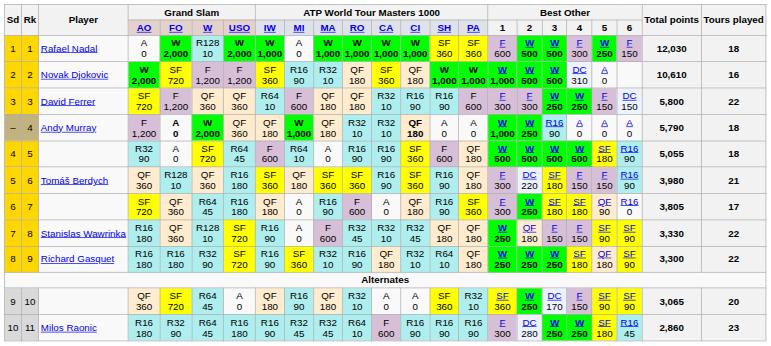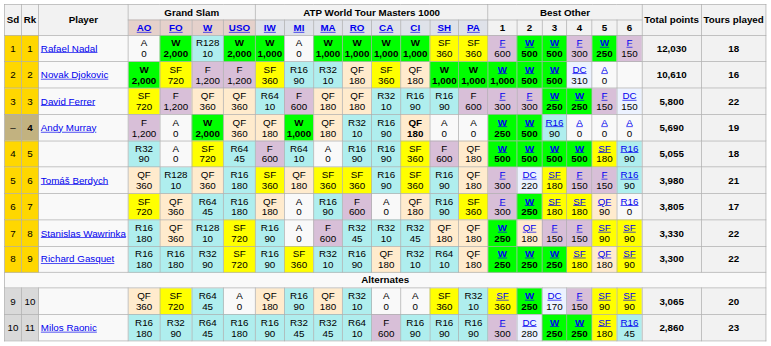 <table class=wikitable style=font-size:90%;text-align:center>
 <tr>
 <th rowspan=2>Sd</th>
 <th rowspan=2>Rk</th>
 <th rowspan="2">Player</th>
 <th colspan=4>Grand Slam</th>
 <th colspan=8>ATP World Tour Masters 1000</th>
 <th colspan=6>Best Other</th>
 <th rowspan=2>Total points</th>
 <th rowspan=2>Tours played</th>
 </tr>
 <tr>
 <td style="background:#e5d1cb; width:40px;"><strong><a href='#'>AO</a></strong></td>
 <td style="background:#e5d1cb; width:40px;"><strong><a href='#'>FO</a></strong></td>
 <td style="background:#e5d1cb; width:40px;"><strong><a href='#'>W</a></strong></td>
 <td style="background:#e5d1cb; width:40px;"><strong><a href='#'>USO</a></strong></td>
 <td style="background:#dfe2e9; width:35px;"><strong><a href='#'>IW</a></strong></td>
 <td style="background:#dfe2e9; width:35px;"><strong><a href='#'>MI</a></strong></td>
 <td style="background:#dfe2e9; width:35px;"><strong><a href='#'>MA</a></strong></td>
 <td style="background:#dfe2e9; width:35px;"><strong><a href='#'>RO</a></strong></td>
 <td style="background:#dfe2e9; width:35px;"><strong><a href='#'>CA</a></strong></td>
 <td style="background:#dfe2e9; width:35px;"><strong><a href='#'>CI</a></strong></td>
 <td style="background:#dfe2e9; width:35px;"><strong><a href='#'>SH</a></strong></td>
 <td style="background:#dfe2e9; width:35px;"><strong><a href='#'>PA</a></strong></td>
 <th width=30>1</th>
 <th width=30>2</th>
 <th width=30>3</th>
 <th width=30>4</th>
 <th width=30>5</th>
 <th width=30>6</th>
 </tr>
 <tr>
 <td bgcolor=gold>1</td>
 <td bgcolor=gold>1</td>
 <td style="text-align:left;"> <a href='#'>Rafael Nadal</a></td>
 <td> A<br>0</td>
 <td bgcolor=lime> <strong>W<br>2,000</strong></td>
 <td style="background:#afeeee;">R128<br>10</td>
 <td bgcolor=lime> <strong>W<br>2,000</strong></td>
 <td bgcolor=lime> <strong>W<br>1,000</strong></td>
 <td> A<br>0</td>
 <td bgcolor=lime> <strong>W<br>1,000</strong></td>
 <td bgcolor=lime> <strong>W<br>1,000</strong></td>
 <td bgcolor=lime> <strong>W<br>1,000</strong></td>
 <td bgcolor=lime> <strong>W<br>1,000</strong></td>
 <td style="background:yellow;"> SF<br>360</td>
 <td style="background:yellow;"> SF<br>360</td>
 <td style="background:thistle;"> <a href='#'>F</a><br>600</td>
 <td bgcolor=lime> <strong><a href='#'>W</a><br>500</strong></td>
 <td bgcolor=lime> <strong><a href='#'>W</a><br>500</strong></td>
 <td style="background:thistle;"> <a href='#'>F</a><br>300</td>
 <td bgcolor=lime> <strong><a href='#'>W</a><br>250</strong></td>
 <td style="background:thistle;"> <a href='#'>F</a><br>150</td>
 <th>12,030</th>
 <th>18</th>
 </tr>
 <tr>
 <td bgcolor=gold>2</td>
 <td bgcolor=gold>2</td>
 <td style="text-align:left;"> <a href='#'>Novak Djokovic</a></td>
 <td bgcolor=lime> <strong>W<br>2,000</strong></td>
 <td style="background:yellow;"> SF<br>720</td>
 <td style="background:thistle;"> F<br>1,200</td>
 <td style="background:thistle;"> F<br>1,200</td>
 <td style="background:yellow;"> SF<br>360</td>
 <td style="background:#afeeee;"> R16<br>90</td>
 <td style="background:#afeeee;"> R32<br>10</td>
 <td style="background:#ffebcd;"> QF<br>180</td>
 <td style="background:yellow;"> SF<br>360</td>
 <td style="background:#ffebcd;"> QF<br>180</td>
 <td bgcolor=lime> <strong>W<br>1,000</strong></td>
 <td bgcolor=lime> <strong>W<br>1,000</strong></td>
 <td bgcolor=lime><a href='#'><strong>W</strong></a><br><strong>1,000</strong></td>
 <td bgcolor=lime><strong><a href='#'>W</a><br>500</strong></td>
 <td bgcolor=lime><strong><a href='#'>W</a><br>500</strong></td>
 <td bgcolor=ECF2FF><a href='#'>DC</a><br>310</td>
 <td> <a href='#'>A</a><br>0</td>
 <td></td>
 <th>10,610</th>
 <th>16</th>
 </tr>
 <tr>
 <td bgcolor=gold>3</td>
 <td bgcolor=gold>3</td>
 <td style="text-align:left;"> <a href='#'>David Ferrer</a></td>
 <td style="background:yellow;"> SF<br>720</td>
 <td style="background:thistle;"> F<br>1,200</td>
 <td style="background:#ffebcd;">QF<br>360</td>
 <td style="background:#ffebcd;"> QF<br>360</td>
 <td style="background:#afeeee;"> R64<br>10</td>
 <td style="background:thistle;"> F<br>600</td>
 <td style="background:#ffebcd;"> QF<br>180</td>
 <td style="background:#ffebcd;"> QF<br>180</td>
 <td style="background:#afeeee;"> R32<br>10</td>
 <td style="background:#afeeee;"> R16<br>90</td>
 <td style="background:#afeeee;"> R16<br>90</td>
 <td style="background:thistle;"> F<br>600</td>
 <td style="background:thistle;"> <a href='#'>F</a><br>300</td>
 <td style="background:thistle;"> <a href='#'>F</a><br>300</td>
 <td bgcolor=lime> <strong><a href='#'>W</a><br>250</strong></td>
 <td bgcolor=lime> <strong><a href='#'>W</a><br>250</strong></td>
 <td style="background:thistle;"> <a href='#'>F</a><br>150</td>
 <td bgcolor=ECF2FF> <a href='#'>DC</a><br>150</td>
 <th>5,800</th>
 <th>22</th>
 </tr>
 <tr>
 <td style="background:#c2b280;">–</td>
-<td style="background:#c2b280;">4</td>
+<td style="background:#c2b280;"><strong>4</strong></td>
 <td style="text-align:left;"> <a href='#'>Andy Murray</a></td>
 <td style="background:thistle;"> F<br>1,200</td>
-<td><strong>A<br>0</strong></td>
+<td>A<br>0</td>
 <td bgcolor=lime> <strong>W<br>2,000</strong></td>
 <td style="background:#ffebcd;"> QF<br>360</td>
 <td style="background:#ffebcd;"> QF<br>180</td>
 <td bgcolor=lime> <strong>W<br>1,000</strong></td>
 <td style="background:#ffebcd;"> QF<br>180</td>
 <td style="background:#afeeee;"> R32<br>10</td>
-<td style="background:#afeeee;"> R32<br>10</td>
+<td style="background:#afeeee;"> R16<br>90</td>
 <td style="background:#ffebcd;"><strong> QF<br>180</strong></td>
 <td>A<br>0</td>
 <td>A<br>0</td>
-<td bgcolor=lime><a href='#'><strong>W</strong></a><br><strong>1,000</strong></td>
 <td bgcolor=lime> <strong><a href='#'>W</a><br>250</strong></td>
+<td bgcolor=lime> <strong><a href='#'>W</a><br>500</strong></td>
 <td style="background:#afeeee;"> <a href='#'>R16</a><br>90</td>
 <td> <a href='#'>A</a><br>0</td>
 <td> <a href='#'>A</a><br>0</td>
 <td> <a href='#'>A</a><br>0</td>
-<th>5,790</th>
-<th>18</th>
+<th>5,690</th>
+<th>19</th>
 </tr>
 <tr>
 <td bgcolor=gold>4</td>
 <td bgcolor=gold>5</td>
 <td style="text-align:left;"></td>
 <td style="background:#afeeee;"> R32<br>90</td>
 <td> A<br>0</td>
 <td style="background:yellow;"> SF<br>720</td>
 <td style="background:#afeeee;"> R64<br>45</td>
 <td style="background:thistle;"> F<br>600</td>
 <td style="background:#afeeee;"> R64<br>10</td>
 <td> A<br>0</td>
 <td style="background:#afeeee;"> R16<br>90</td>
 <td style="background:#afeeee;"> R16<br>90</td>
 <td style="background:yellow;"> SF<br>360</td>
 <td style="background:thistle;"> F<br>600</td>
 <td style="background:#ffebcd;"> QF<br>180</td>
 <td bgcolor=lime> <strong><a href='#'>W</a><br>500</strong></td>
 <td bgcolor=lime> <strong><a href='#'>W</a><br>500</strong></td>
 <td bgcolor=lime> <strong><a href='#'>W</a><br>500</strong></td>
 <td bgcolor=lime> <strong><a href='#'>W</a><br>500</strong></td>
 <td style="background:yellow;"> <a href='#'>SF</a><br>180</td>
 <td style="background:#afeeee;"> <a href='#'>R16</a><br>90</td>
 <th>5,055</th>
 <th>18</th>
 </tr>
 <tr>
 <td bgcolor=gold>5</td>
 <td bgcolor=gold>6</td>
 <td style="text-align:left;"> <a href='#'>Tomáš Berdych</a></td>
 <td style="background:#ffebcd;"> QF<br>360</td>
 <td style="background:#afeeee;"> R128<br>10</td>
 <td style="background:#ffebcd;"> QF<br>360</td>
 <td style="background:#afeeee;"> R16<br>180</td>
 <td style="background:yellow;"> SF<br>360</td>
 <td style="background:#ffebcd;"> QF<br>180</td>
 <td style="background:yellow;"> SF<br>360</td>
 <td style="background:yellow;"> SF<br>360</td>
 <td style="background:#afeeee;"> R16<br>90</td>
 <td style="background:yellow;"> SF<br>360</td>
 <td style="background:#afeeee;"> R16<br>90</td>
 <td style="background:#ffebcd;"> QF<br>180</td>
 <td style="background:thistle;"> <a href='#'>F</a><br>300</td>
 <td bgcolor=ECF2FF> <a href='#'>DC</a><br>220</td>
 <td style="background:yellow;"> <a href='#'>SF</a><br>180</td>
 <td style="background:thistle;"> <a href='#'>F</a><br>150</td>
 <td style="background:thistle;"> <a href='#'>F</a><br>150</td>
 <td style="background:#afeeee;"> <a href='#'>R16</a><br>90</td>
 <th>3,980</th>
 <th>21</th>
 </tr>
 <tr>
 <td bgcolor=gold>6</td>
 <td style="background:gold;">7</td>
 <td style="text-align:left;"></td>
 <td style="background:yellow;"> SF<br>720</td>
 <td style="background:#ffebcd;"> QF<br>360</td>
 <td style="background:#afeeee;"> R64<br>45</td>
 <td style="background:#afeeee;"> R16<br>180</td>
 <td style="background:#ffebcd;"> QF<br>180</td>
 <td> A<br>0</td>
 <td style="background:#afeeee;"> R16<br>90</td>
 <td style="background:thistle;"> F<br>600</td>
 <td> A<br>0</td>
 <td style="background:#ffebcd;"> QF<br>180</td>
 <td style="background:#afeeee;"> R16<br>90</td>
 <td style="background:yellow;"> SF<br>360</td>
 <td style="background:thistle;"> <a href='#'>F</a><br>300</td>
 <td bgcolor=lime> <strong><a href='#'>W</a><br>250</strong></td>
 <td style="background:yellow;"> <a href='#'>SF</a><br>180</td>
 <td style="background:yellow;"> <a href='#'>SF</a><br>180</td>
 <td style="background:#ffebcd;"> <a href='#'>QF</a><br>90</td>
 <td> <a href='#'>R16</a><br>0</td>
 <th>3,805</th>
 <th>17</th>
 </tr>
 <tr>
 <td bgcolor=gold>7</td>
 <td bgcolor=gold>8</td>
 <td style="text-align:left;"> <a href='#'>Stanislas Wawrinka</a></td>
 <td style="background:#afeeee;"> R16<br>180</td>
 <td style="background:#ffebcd;"> QF<br>360</td>
 <td style="background:#afeeee;">R128<br>10</td>
 <td style="background:yellow;"> SF<br>720</td>
 <td style="background:#afeeee;"> R16<br>90</td>
 <td> A<br>0</td>
 <td style="background:thistle;"> F<br>600</td>
 <td style="background:#afeeee;"> R32<br>45</td>
 <td style="background:#afeeee;"> R32<br>10</td>
 <td style="background:#afeeee;"> R32<br>45</td>
 <td style="background:#ffebcd;"> QF<br>180</td>
 <td style="background:#ffebcd;"> QF<br>180</td>
 <td bgcolor=lime><strong><a href='#'>W</a><br>250</strong></td>
 <td style="background:#ffebcd;"><a href='#'>QF</a><br>180</td>
 <td style="background:thistle;"><a href='#'>F</a><br>150</td>
 <td style="background:thistle;"><a href='#'>F</a><br>150</td>
 <td style="background:yellow;"><a href='#'>SF</a><br>90</td>
 <td style="background:yellow;"><a href='#'>SF</a><br>90</td>
 <th>3,330</th>
 <th>22</th>
 </tr>
 <tr>
 <td bgcolor=gold>8</td>
 <td bgcolor=gold>9</td>
 <td style="text-align:left;"> <a href='#'>Richard Gasquet</a></td>
 <td style="background:#afeeee;"> R16<br>180</td>
 <td style="background:#afeeee;"> R16<br>180</td>
 <td style="background:#afeeee;">R32<br>90</td>
 <td style="background:yellow;"> SF<br>720</td>
 <td style="background:#afeeee;"> R16<br>90</td>
 <td style="background:yellow;"> SF<br>360</td>
 <td style="background:#afeeee;"> R32<br>10</td>
 <td style="background:#afeeee;"> R16<br>90</td>
 <td style="background:#ffebcd;"> QF<br>180</td>
 <td style="background:#afeeee;"> R32<br>10</td>
 <td style="background:#afeeee;"> R64<br>10</td>
 <td style="background:#ffebcd;"> QF<br>180</td>
 <td bgcolor=lime> <strong><a href='#'>W</a><br>250</strong></td>
 <td bgcolor=lime> <strong><a href='#'>W</a><br>250</strong></td>
 <td bgcolor=lime> <strong><a href='#'>W</a><br>250</strong></td>
 <td style="background:yellow;"> <a href='#'>SF</a><br>180</td>
 <td style="background:#ffebcd;"> <a href='#'>QF</a><br>180</td>
 <td style="background:yellow;"> <a href='#'>SF</a><br>90</td>
 <th>3,300</th>
 <th>22</th>
 </tr>
 <tr>
 <td colspan="23"><strong>Alternates</strong></td>
 </tr>
 <tr>
 <td style="background:#d9d9d9;">9</td>
 <td style="background:#d9d9d9;">10</td>
 <td style="text-align:left;"></td>
 <td bgcolor=#ffebcd> QF<br>360</td>
 <td bgcolor=yellow> SF<br>720</td>
 <td bgcolor=#afeeee> R64<br>45</td>
 <td> A<br>0</td>
 <td bgcolor=#ffebcd> QF<br>180</td>
 <td bgcolor=#afeeee> R16<br>90</td>
 <td bgcolor=#ffebcd> QF<br>180</td>
 <td bgcolor=#afeeee> R32<br>10</td>
 <td> A<br>0</td>
 <td> A<br>0</td>
 <td bgcolor=yellow> SF<br>360</td>
 <td bgcolor=#afeeee> R32<br>10</td>
 <td bgcolor=yellow><a href='#'>SF</a><br>360</td>
 <td bgcolor=lime> <strong><a href='#'>W</a><br>250</strong></td>
 <td bgcolor=ECF2FF> <a href='#'>DC</a><br>170</td>
 <td bgcolor=thistle> <a href='#'>F</a><br>150</td>
 <td bgcolor=yellow> <a href='#'>SF</a><br>90</td>
 <td bgcolor=yellow> <a href='#'>SF</a><br>90</td>
 <th>3,065</th>
 <th>20</th>
 </tr>
 <tr>
 <td style="background:#d9d9d9;">10</td>
 <td style="background:#d9d9d9;">11</td>
 <td style="text-align:left;"> <a href='#'>Milos Raonic</a></td>
 <td style="background:#afeeee;"> R16<br>180</td>
 <td style="background:#afeeee;"> R32<br>90</td>
 <td style="background:#afeeee;"> R64<br>45</td>
 <td style="background:#afeeee;"> R16<br>180</td>
 <td style="background:#afeeee;"> R16<br>90</td>
 <td style="background:#afeeee;"> R32<br>45</td>
 <td style="background:#afeeee;"> R32<br>45</td>
 <td style="background:#afeeee;"> R64<br>10</td>
 <td style="background:thistle;"> F<br>600</td>
 <td style="background:#afeeee;"> R16<br>90</td>
 <td style="background:#afeeee;"> R16<br>90</td>
 <td style="background:#afeeee;"> R16<br>90</td>
 <td style="background:thistle;"> <a href='#'>F</a><br>300</td>
 <td style="background:#ecf2ff;"> <a href='#'>DC</a><br>280</td>
 <td bgcolor=lime><strong><a href='#'>W</a><br>250</strong></td>
 <td bgcolor=lime><strong><a href='#'>W</a><br>250</strong></td>
 <td style="background:yellow;"><a href='#'>SF</a><br>180</td>
 <td style="background:#afeeee;"><a href='#'>R16</a><br>45</td>
 <th>2,860</th>
 <th>23</th>
 </tr>
 </table>
